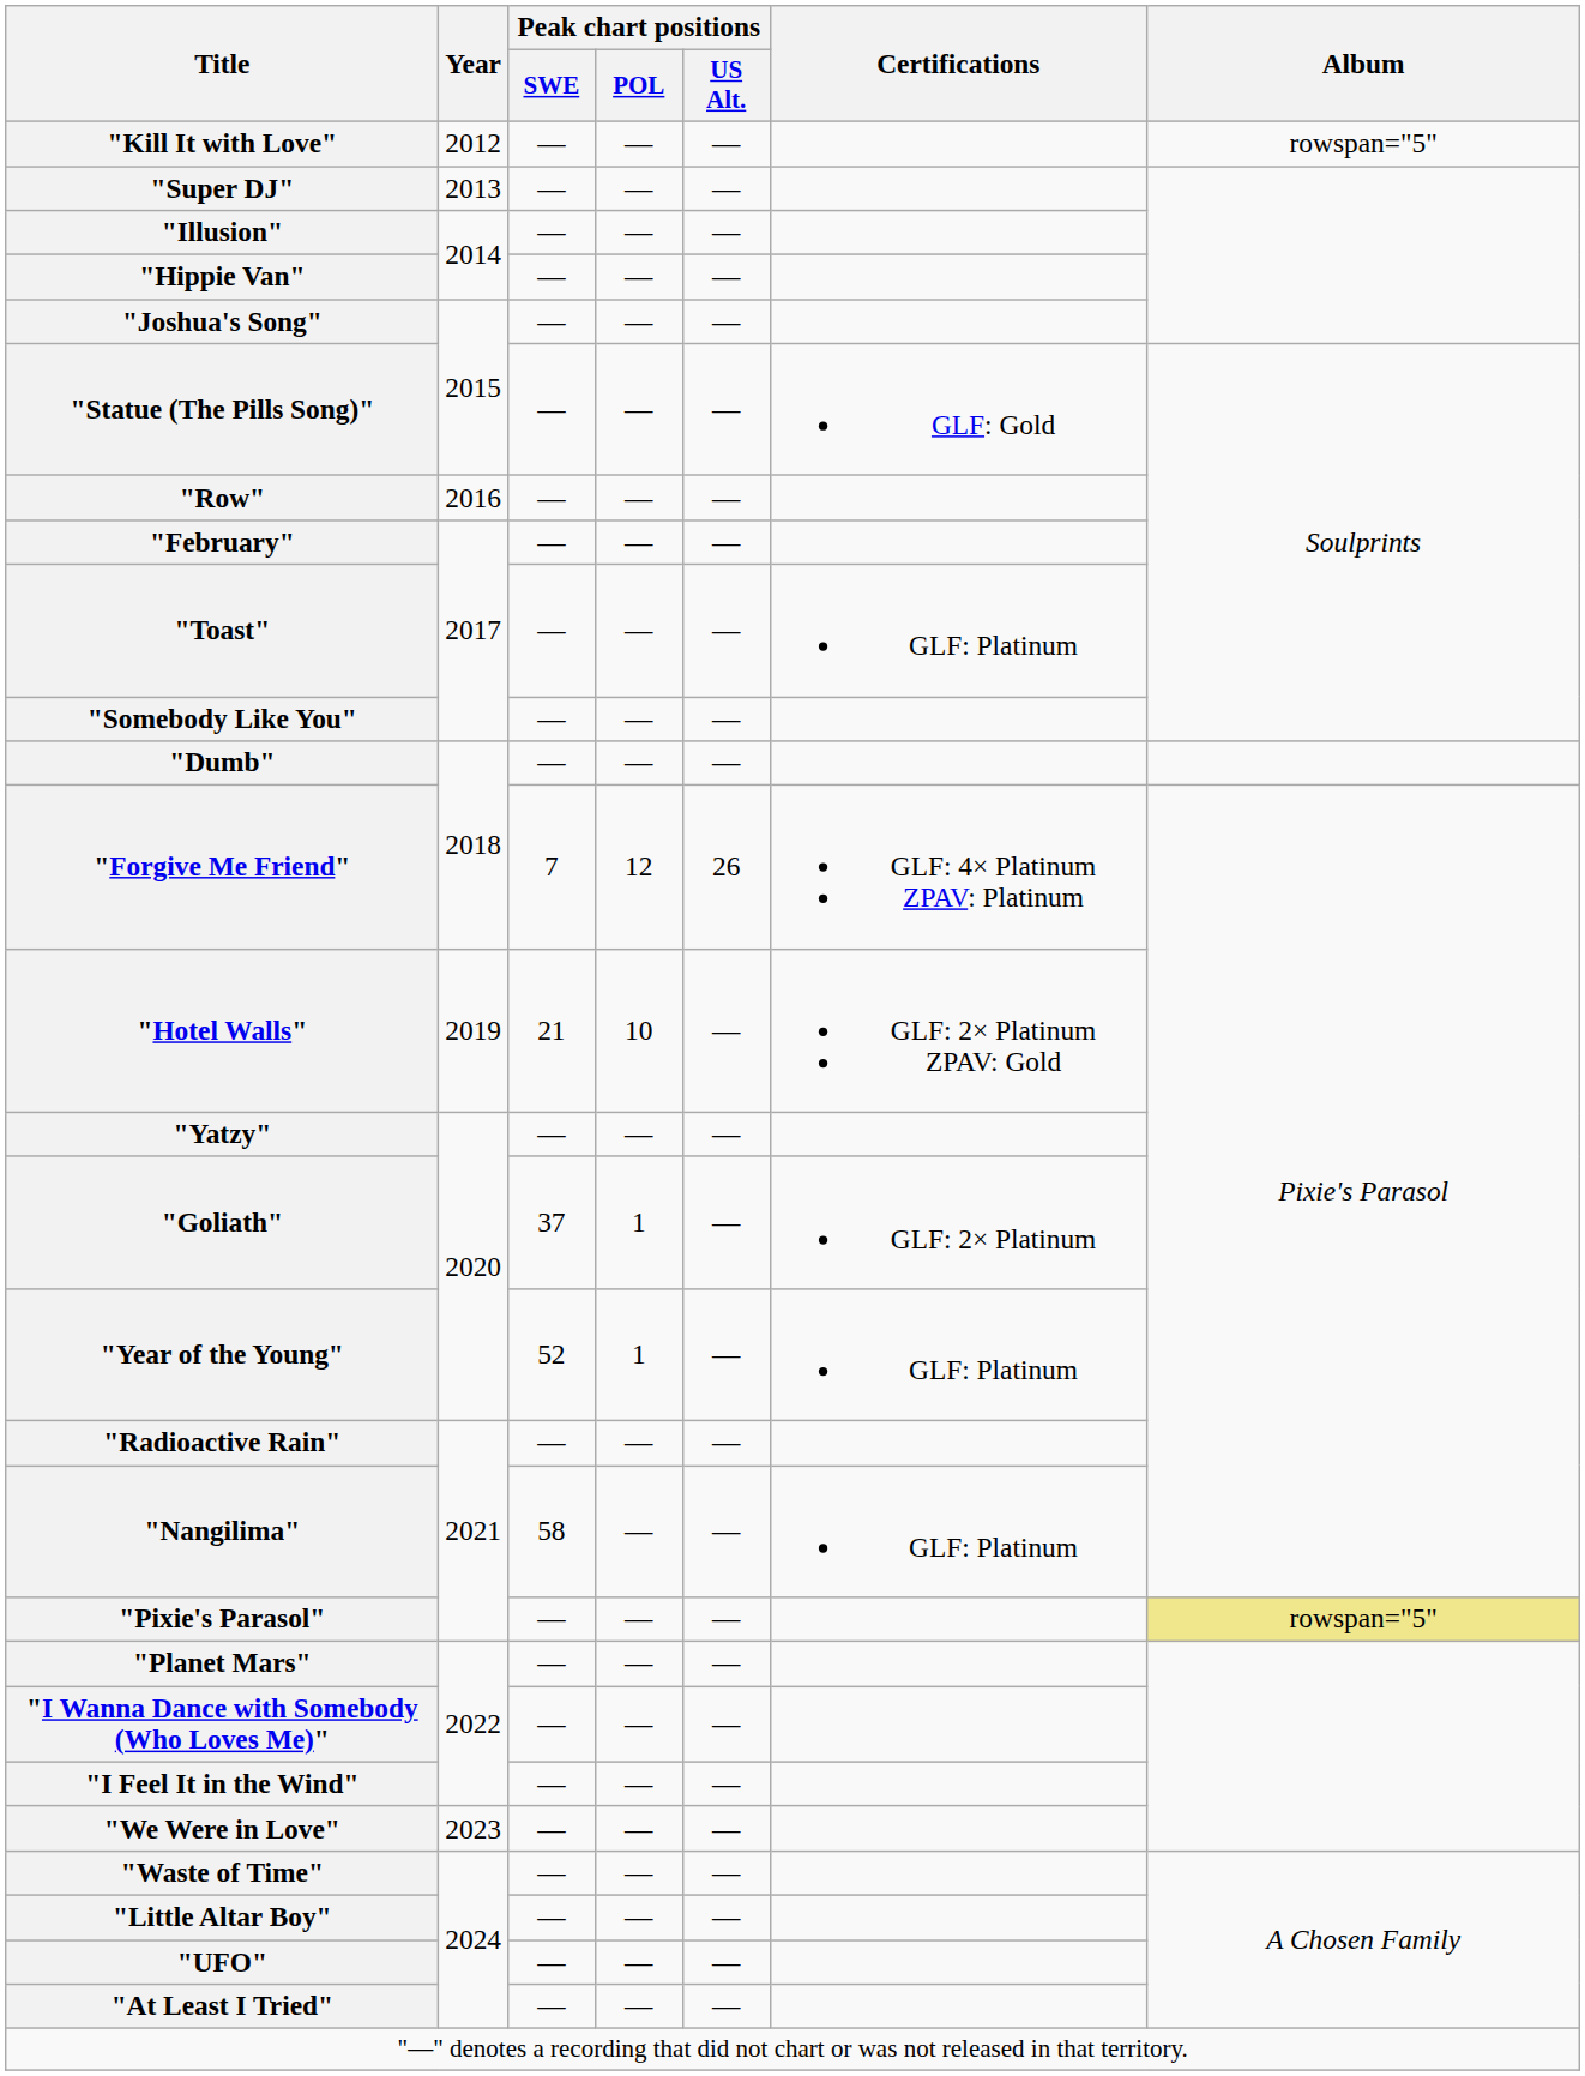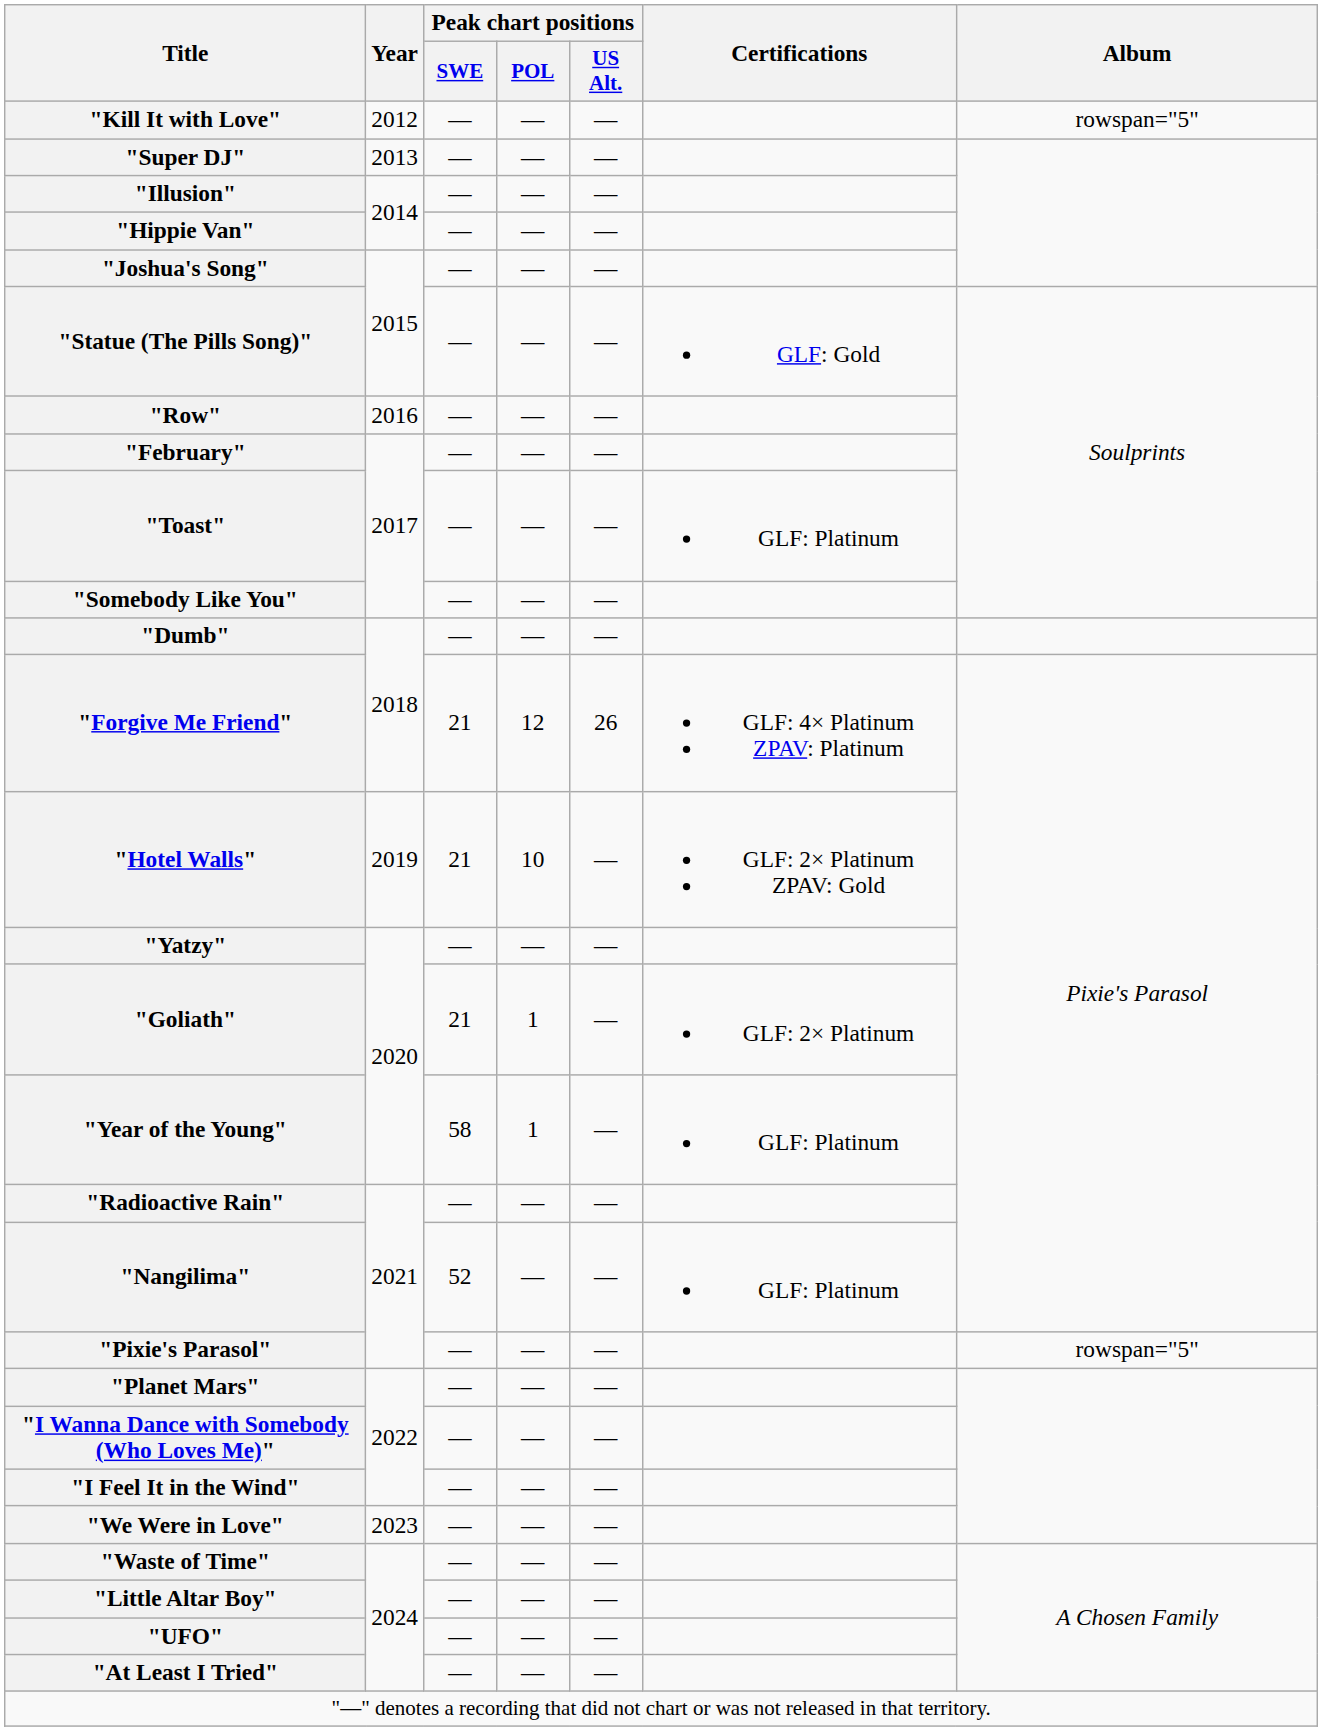 <table class="wikitable plainrowheaders" style="text-align:center;">
 <tr>
 <th scope="col" rowspan="2" style="width:15em;">Title</th>
 <th scope="col" rowspan="2">Year</th>
 <th scope="col" colspan="3">Peak chart positions</th>
 <th scope="col" rowspan="2" style="width:13em;">Certifications</th>
 <th scope="col" rowspan="2" style="width:15em;">Album</th>
 </tr>
 <tr>
 <th scope="col" style="width:3em;font-size:90%;"><a href='#'>SWE</a><br></th>
 <th scope="col" style="width:3em;font-size:90%;"><a href='#'>POL</a><br></th>
 <th scope="col" style="width:3em;font-size:90%;"><a href='#'>US<br>Alt.</a><br></th>
 </tr>
 <tr>
 <th scope="row">"Kill It with Love"</th>
 <td>2012</td>
 <td>—</td>
 <td>—</td>
 <td>—</td>
 <td></td>
 <td>rowspan="5" </td>
 </tr>
 <tr>
 <th scope="row">"Super DJ"</th>
 <td>2013</td>
 <td>—</td>
 <td>—</td>
 <td>—</td>
 <td></td>
 </tr>
 <tr>
 <th scope="row">"Illusion"</th>
 <td rowspan="2">2014</td>
 <td>—</td>
 <td>—</td>
 <td>—</td>
 <td></td>
 </tr>
 <tr>
 <th scope="row">"Hippie Van"</th>
 <td>—</td>
 <td>—</td>
 <td>—</td>
 <td></td>
 </tr>
 <tr>
 <th scope="row">"Joshua's Song"</th>
 <td rowspan="2">2015</td>
 <td>—</td>
 <td>—</td>
 <td>—</td>
 <td></td>
 </tr>
 <tr>
 <th scope="row">"Statue (The Pills Song)"</th>
 <td>—</td>
 <td>—</td>
 <td>—</td>
 <td><br><ul><li><a href='#'>GLF</a>: Gold</li></ul></td>
 <td rowspan="5"><em>Soulprints</em></td>
 </tr>
 <tr>
 <th scope="row">"Row"</th>
 <td>2016</td>
 <td>—</td>
 <td>—</td>
 <td>—</td>
 <td></td>
 </tr>
 <tr>
 <th scope="row">"February"</th>
 <td rowspan="3">2017</td>
 <td>—</td>
 <td>—</td>
 <td>—</td>
 <td></td>
 </tr>
 <tr>
 <th scope="row">"Toast"</th>
 <td>—</td>
 <td>—</td>
 <td>—</td>
 <td><br><ul><li>GLF: Platinum</li></ul></td>
 </tr>
 <tr>
 <th scope="row">"Somebody Like You"</th>
 <td>—</td>
 <td>—</td>
 <td>—</td>
 <td></td>
 </tr>
 <tr>
 <th scope="row">"Dumb"</th>
 <td rowspan="2">2018</td>
 <td>—</td>
 <td>—</td>
 <td>—</td>
 <td></td>
 <td></td>
 </tr>
 <tr>
 <th scope="row">"<a href='#'>Forgive Me Friend</a>" <br></th>
-<td>7</td>
+<td>21<br></td>
 <td>12</td>
 <td>26</td>
 <td><br><ul><li>GLF: 4× Platinum</li><li><a href='#'>ZPAV</a>: Platinum</li></ul></td>
 <td rowspan="7"><em>Pixie's Parasol</em></td>
 </tr>
 <tr>
 <th scope="row">"<a href='#'>Hotel Walls</a>"</th>
 <td>2019</td>
 <td>21<br></td>
 <td>10</td>
 <td>—</td>
 <td><br><ul><li>GLF: 2× Platinum</li><li>ZPAV: Gold</li></ul></td>
 </tr>
 <tr>
 <th scope="row">"Yatzy"</th>
 <td rowspan="3">2020</td>
 <td>—</td>
 <td>—</td>
 <td>—</td>
 <td></td>
 </tr>
 <tr>
 <th scope="row">"Goliath"</th>
-<td>37<br></td>
+<td>21<br></td>
 <td>1</td>
 <td>—</td>
 <td><br><ul><li>GLF: 2× Platinum</li></ul></td>
 </tr>
 <tr>
 <th scope="row">"Year of the Young"</th>
-<td>52<br></td>
+<td>58<br></td>
 <td>1</td>
 <td>—</td>
 <td><br><ul><li>GLF: Platinum</li></ul></td>
 </tr>
 <tr>
 <th scope="row">"Radioactive Rain"</th>
 <td rowspan="3">2021</td>
 <td>—</td>
 <td>—</td>
 <td>—</td>
 <td></td>
 </tr>
 <tr>
 <th scope="row">"Nangilima"</th>
-<td>58<br></td>
+<td>52<br></td>
 <td>—</td>
 <td —>—</td>
 <td><br><ul><li>GLF: Platinum</li></ul></td>
 </tr>
 <tr>
 <th scope="row">"Pixie's Parasol"</th>
 <td>—</td>
 <td>—</td>
 <td>—</td>
 <td></td>
-<td style="background: khaki;">rowspan="5" </td>
+<td>rowspan="5" </td>
 </tr>
 <tr>
 <th scope="row">"Planet Mars"</th>
 <td rowspan="3">2022</td>
 <td>—</td>
 <td>—</td>
 <td>—</td>
 <td></td>
 </tr>
 <tr>
 <th scope="row">"<a href='#'>I Wanna Dance with Somebody (Who Loves Me)</a>"</th>
 <td>—</td>
 <td>—</td>
 <td>—</td>
 <td></td>
 </tr>
 <tr>
 <th scope="row">"I Feel It in the Wind"</th>
 <td>—</td>
 <td>—</td>
 <td>—</td>
 <td></td>
 </tr>
 <tr>
 <th scope="row">"We Were in Love"</th>
 <td>2023</td>
 <td>—</td>
 <td>—</td>
 <td>—</td>
 <td></td>
 </tr>
 <tr>
 <th scope="row">"Waste of Time"</th>
 <td rowspan="4">2024</td>
 <td>—</td>
 <td>—</td>
 <td>—</td>
 <td></td>
 <td rowspan="4"><em>A Chosen Family</em></td>
 </tr>
 <tr>
 <th scope="row">"Little Altar Boy"</th>
 <td>—</td>
 <td>—</td>
 <td>—</td>
 <td></td>
 </tr>
 <tr>
 <th scope="row">"UFO"</th>
 <td>—</td>
 <td>—</td>
 <td>—</td>
 <td></td>
 </tr>
 <tr>
 <th scope="row">"At Least I Tried" </th>
 <td>—</td>
 <td>—</td>
 <td>—</td>
 <td></td>
 </tr>
 <tr>
 <td colspan="7" style="font-size:90%">"—" denotes a recording that did not chart or was not released in that territory.</td>
 </tr>
 </table>
